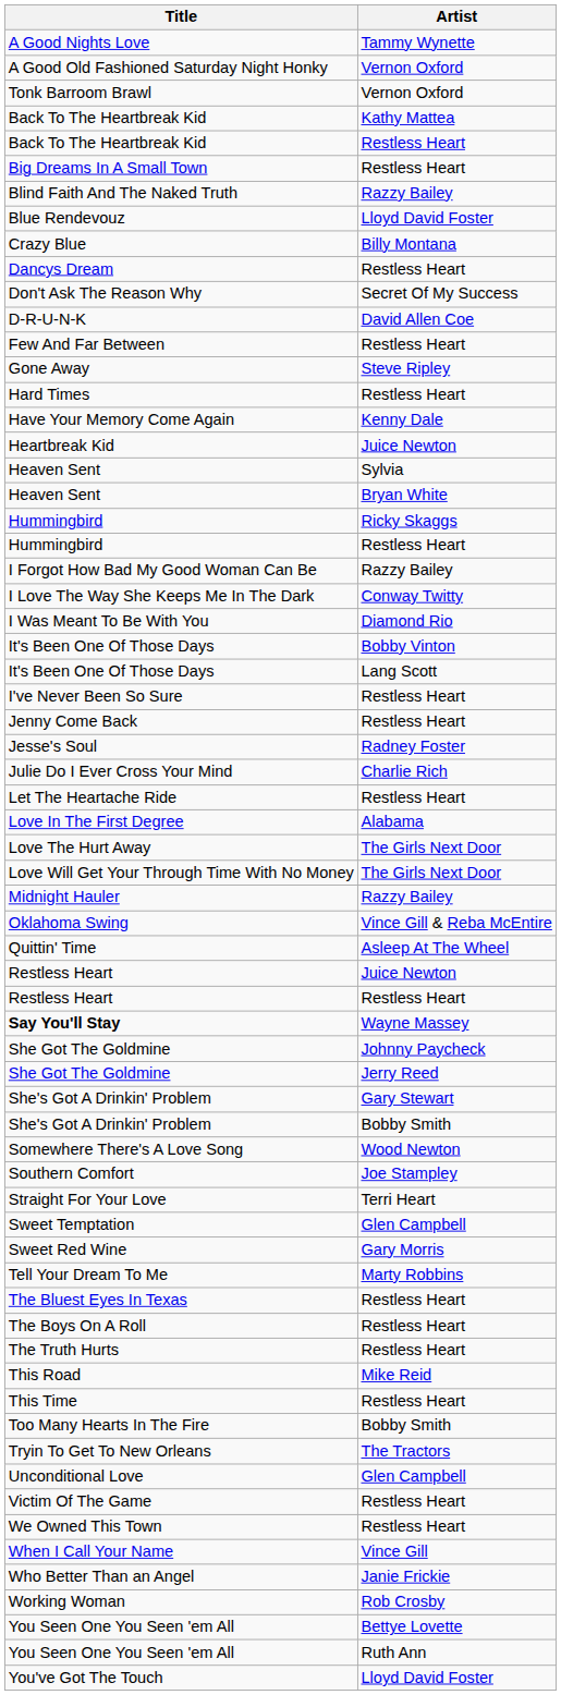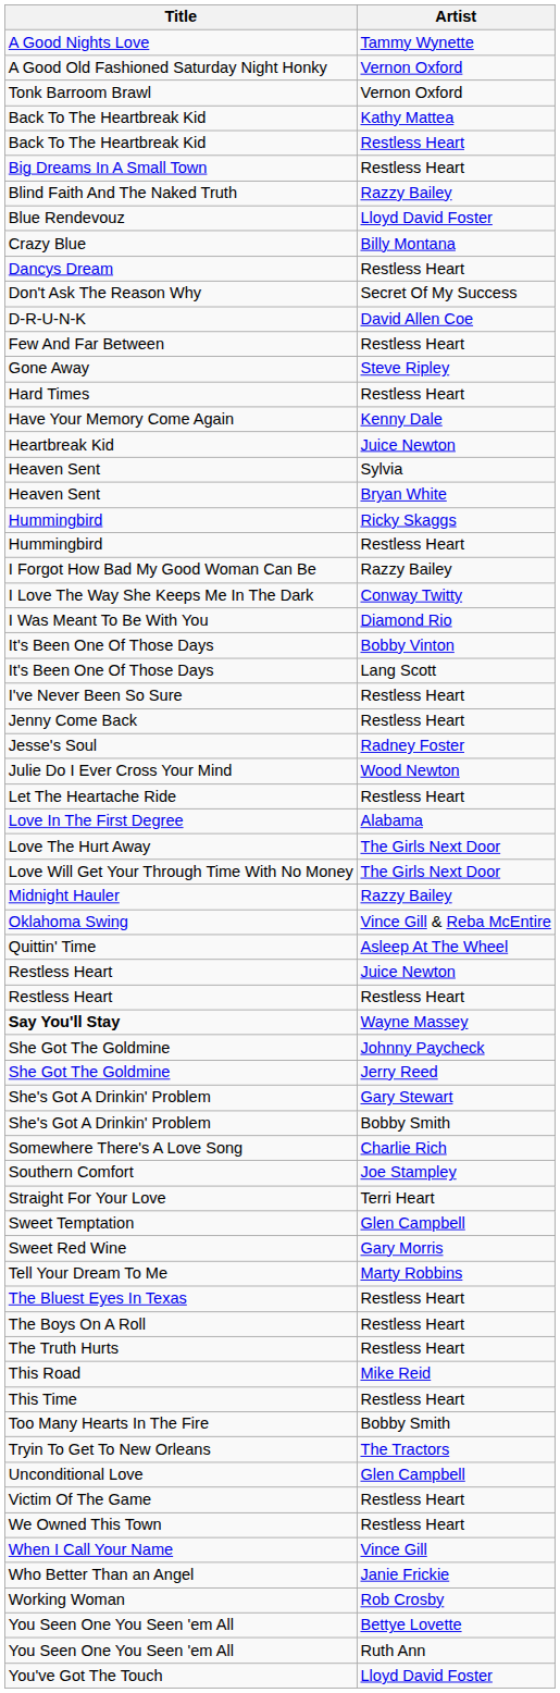 <table class="wikitable">
 <tr>
 <th>Title</th>
 <th>Artist</th>
 </tr>
 <tr>
 <td><a href='#'>A Good Nights Love</a></td>
 <td><a href='#'>Tammy Wynette</a></td>
 </tr>
 <tr>
 <td>A Good Old Fashioned Saturday Night Honky</td>
 <td><a href='#'>Vernon Oxford</a></td>
 </tr>
 <tr>
 <td>Tonk Barroom Brawl</td>
 <td>Vernon Oxford</td>
 </tr>
 <tr>
 <td>Back To The Heartbreak Kid</td>
 <td><a href='#'>Kathy Mattea</a></td>
 </tr>
 <tr>
 <td>Back To The Heartbreak Kid</td>
 <td><a href='#'>Restless Heart</a></td>
 </tr>
 <tr>
 <td><a href='#'>Big Dreams In A Small Town</a></td>
 <td>Restless Heart</td>
 </tr>
 <tr>
 <td>Blind Faith And The Naked Truth</td>
 <td><a href='#'>Razzy Bailey</a></td>
 </tr>
 <tr>
 <td>Blue Rendevouz</td>
 <td><a href='#'>Lloyd David Foster</a></td>
 </tr>
 <tr>
 <td>Crazy Blue</td>
 <td><a href='#'>Billy Montana</a></td>
 </tr>
 <tr>
 <td><a href='#'>Dancys Dream</a></td>
 <td>Restless Heart</td>
 </tr>
 <tr>
 <td>Don't Ask The Reason Why</td>
 <td>Secret Of My Success</td>
 </tr>
 <tr>
 <td>D-R-U-N-K</td>
 <td><a href='#'>David Allen Coe</a></td>
 </tr>
 <tr>
 <td>Few And Far Between</td>
 <td>Restless Heart</td>
 </tr>
 <tr>
 <td>Gone Away</td>
 <td><a href='#'>Steve Ripley</a></td>
 </tr>
 <tr>
 <td>Hard Times</td>
 <td>Restless Heart</td>
 </tr>
 <tr>
 <td>Have Your Memory Come Again</td>
 <td><a href='#'>Kenny Dale</a></td>
 </tr>
 <tr>
 <td>Heartbreak Kid</td>
 <td><a href='#'>Juice Newton</a></td>
 </tr>
 <tr>
 <td>Heaven Sent</td>
 <td>Sylvia</td>
 </tr>
 <tr>
 <td>Heaven Sent</td>
 <td><a href='#'>Bryan White</a></td>
 </tr>
 <tr>
 <td><a href='#'>Hummingbird</a></td>
 <td><a href='#'>Ricky Skaggs</a></td>
 </tr>
 <tr>
 <td>Hummingbird</td>
 <td>Restless Heart</td>
 </tr>
 <tr>
 <td>I Forgot How Bad My Good Woman Can Be</td>
 <td>Razzy Bailey</td>
 </tr>
 <tr>
 <td>I Love The Way She Keeps Me In The Dark</td>
 <td><a href='#'>Conway Twitty</a></td>
 </tr>
 <tr>
 <td>I Was Meant To Be With You</td>
 <td><a href='#'>Diamond Rio</a></td>
 </tr>
 <tr>
 <td>It's Been One Of Those Days</td>
 <td><a href='#'>Bobby Vinton</a></td>
 </tr>
 <tr>
 <td>It's Been One Of Those Days</td>
 <td>Lang Scott</td>
 </tr>
 <tr>
 <td>I've Never Been So Sure</td>
 <td>Restless Heart</td>
 </tr>
 <tr>
 <td>Jenny Come Back</td>
 <td>Restless Heart</td>
 </tr>
 <tr>
 <td>Jesse's Soul</td>
 <td><a href='#'>Radney Foster</a></td>
 </tr>
 <tr>
 <td>Julie Do I Ever Cross Your Mind</td>
-<td><a href='#'>Charlie Rich</a></td>
+<td><a href='#'>Wood Newton</a></td>
 </tr>
 <tr>
 <td>Let The Heartache Ride</td>
 <td>Restless Heart</td>
 </tr>
 <tr>
 <td><a href='#'>Love In The First Degree</a></td>
 <td><a href='#'>Alabama</a></td>
 </tr>
 <tr>
 <td>Love The Hurt Away</td>
 <td><a href='#'>The Girls Next Door</a></td>
 </tr>
 <tr>
 <td>Love Will Get Your Through Time With No Money</td>
 <td><a href='#'>The Girls Next Door</a></td>
 </tr>
 <tr>
 <td><a href='#'>Midnight Hauler</a></td>
 <td><a href='#'>Razzy Bailey</a></td>
 </tr>
 <tr>
 <td><a href='#'>Oklahoma Swing</a></td>
 <td><a href='#'>Vince Gill</a> & <a href='#'>Reba McEntire</a></td>
 </tr>
 <tr>
 <td>Quittin' Time</td>
 <td><a href='#'>Asleep At The Wheel</a></td>
 </tr>
 <tr>
 <td>Restless Heart</td>
 <td><a href='#'>Juice Newton</a></td>
 </tr>
 <tr>
 <td>Restless Heart</td>
 <td>Restless Heart</td>
 </tr>
 <tr>
 <td><strong>Say You'll Stay</strong></td>
 <td><a href='#'>Wayne Massey</a></td>
 </tr>
 <tr>
 <td>She Got The Goldmine</td>
 <td><a href='#'>Johnny Paycheck</a></td>
 </tr>
 <tr>
 <td><a href='#'>She Got The Goldmine</a></td>
 <td><a href='#'>Jerry Reed</a></td>
 </tr>
 <tr>
 <td>She's Got A Drinkin' Problem</td>
 <td><a href='#'>Gary Stewart</a></td>
 </tr>
 <tr>
 <td>She's Got A Drinkin' Problem</td>
 <td>Bobby Smith</td>
 </tr>
 <tr>
 <td>Somewhere There's A Love Song</td>
-<td><a href='#'>Wood Newton</a></td>
+<td><a href='#'>Charlie Rich</a></td>
 </tr>
 <tr>
 <td>Southern Comfort</td>
 <td><a href='#'>Joe Stampley</a></td>
 </tr>
 <tr>
 <td>Straight For Your Love</td>
 <td>Terri Heart</td>
 </tr>
 <tr>
 <td>Sweet Temptation</td>
 <td><a href='#'>Glen Campbell</a></td>
 </tr>
 <tr>
 <td>Sweet Red Wine</td>
 <td><a href='#'>Gary Morris</a></td>
 </tr>
 <tr>
 <td>Tell Your Dream To Me</td>
 <td><a href='#'>Marty Robbins</a></td>
 </tr>
 <tr>
 <td><a href='#'>The Bluest Eyes In Texas</a></td>
 <td>Restless Heart</td>
 </tr>
 <tr>
 <td>The Boys On A Roll</td>
 <td>Restless Heart</td>
 </tr>
 <tr>
 <td>The Truth Hurts</td>
 <td>Restless Heart</td>
 </tr>
 <tr>
 <td>This Road</td>
 <td><a href='#'>Mike Reid</a></td>
 </tr>
 <tr>
 <td>This Time</td>
 <td>Restless Heart</td>
 </tr>
 <tr>
 <td>Too Many Hearts In The Fire</td>
 <td>Bobby Smith</td>
 </tr>
 <tr>
 <td>Tryin To Get To New Orleans</td>
 <td><a href='#'>The Tractors</a></td>
 </tr>
 <tr>
 <td>Unconditional Love</td>
 <td><a href='#'>Glen Campbell</a></td>
 </tr>
 <tr>
 <td>Victim Of The Game</td>
 <td>Restless Heart</td>
 </tr>
 <tr>
 <td>We Owned This Town</td>
 <td>Restless Heart</td>
 </tr>
 <tr>
 <td><a href='#'>When I Call Your Name</a></td>
 <td><a href='#'>Vince Gill</a></td>
 </tr>
 <tr>
 <td>Who Better Than an Angel</td>
 <td><a href='#'>Janie Frickie</a></td>
 </tr>
 <tr>
 <td>Working Woman</td>
 <td><a href='#'>Rob Crosby</a></td>
 </tr>
 <tr>
 <td>You Seen One You Seen 'em All</td>
 <td><a href='#'>Bettye Lovette</a></td>
 </tr>
 <tr>
 <td>You Seen One You Seen 'em All</td>
 <td>Ruth Ann</td>
 </tr>
 <tr>
 <td>You've Got The Touch</td>
 <td><a href='#'>Lloyd David Foster</a></td>
 </tr>
 </table>
